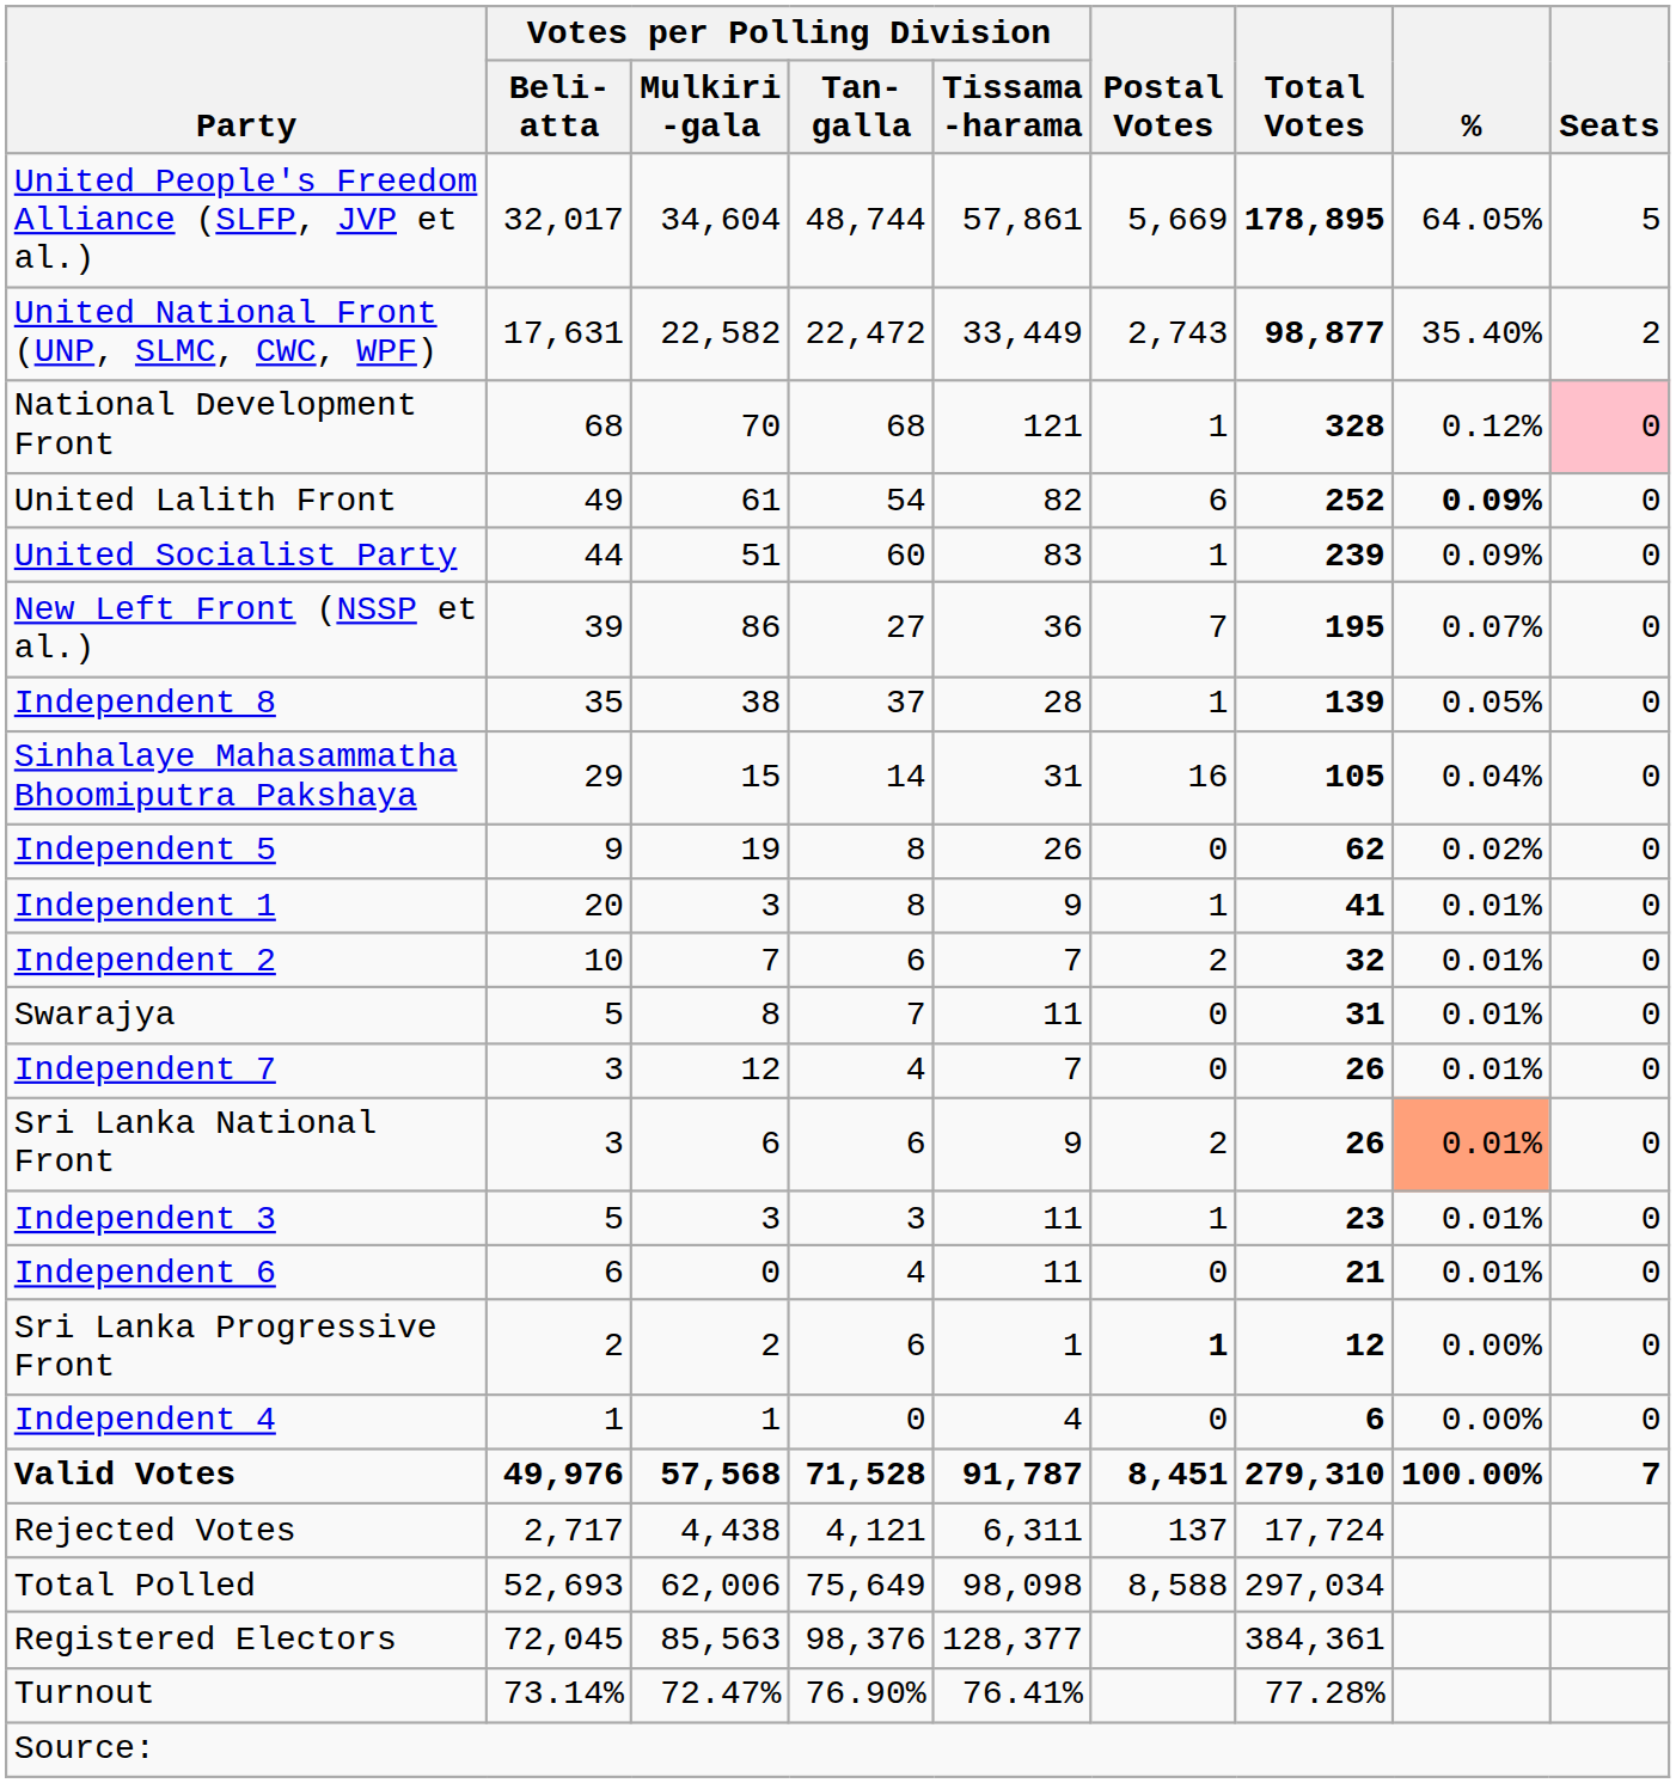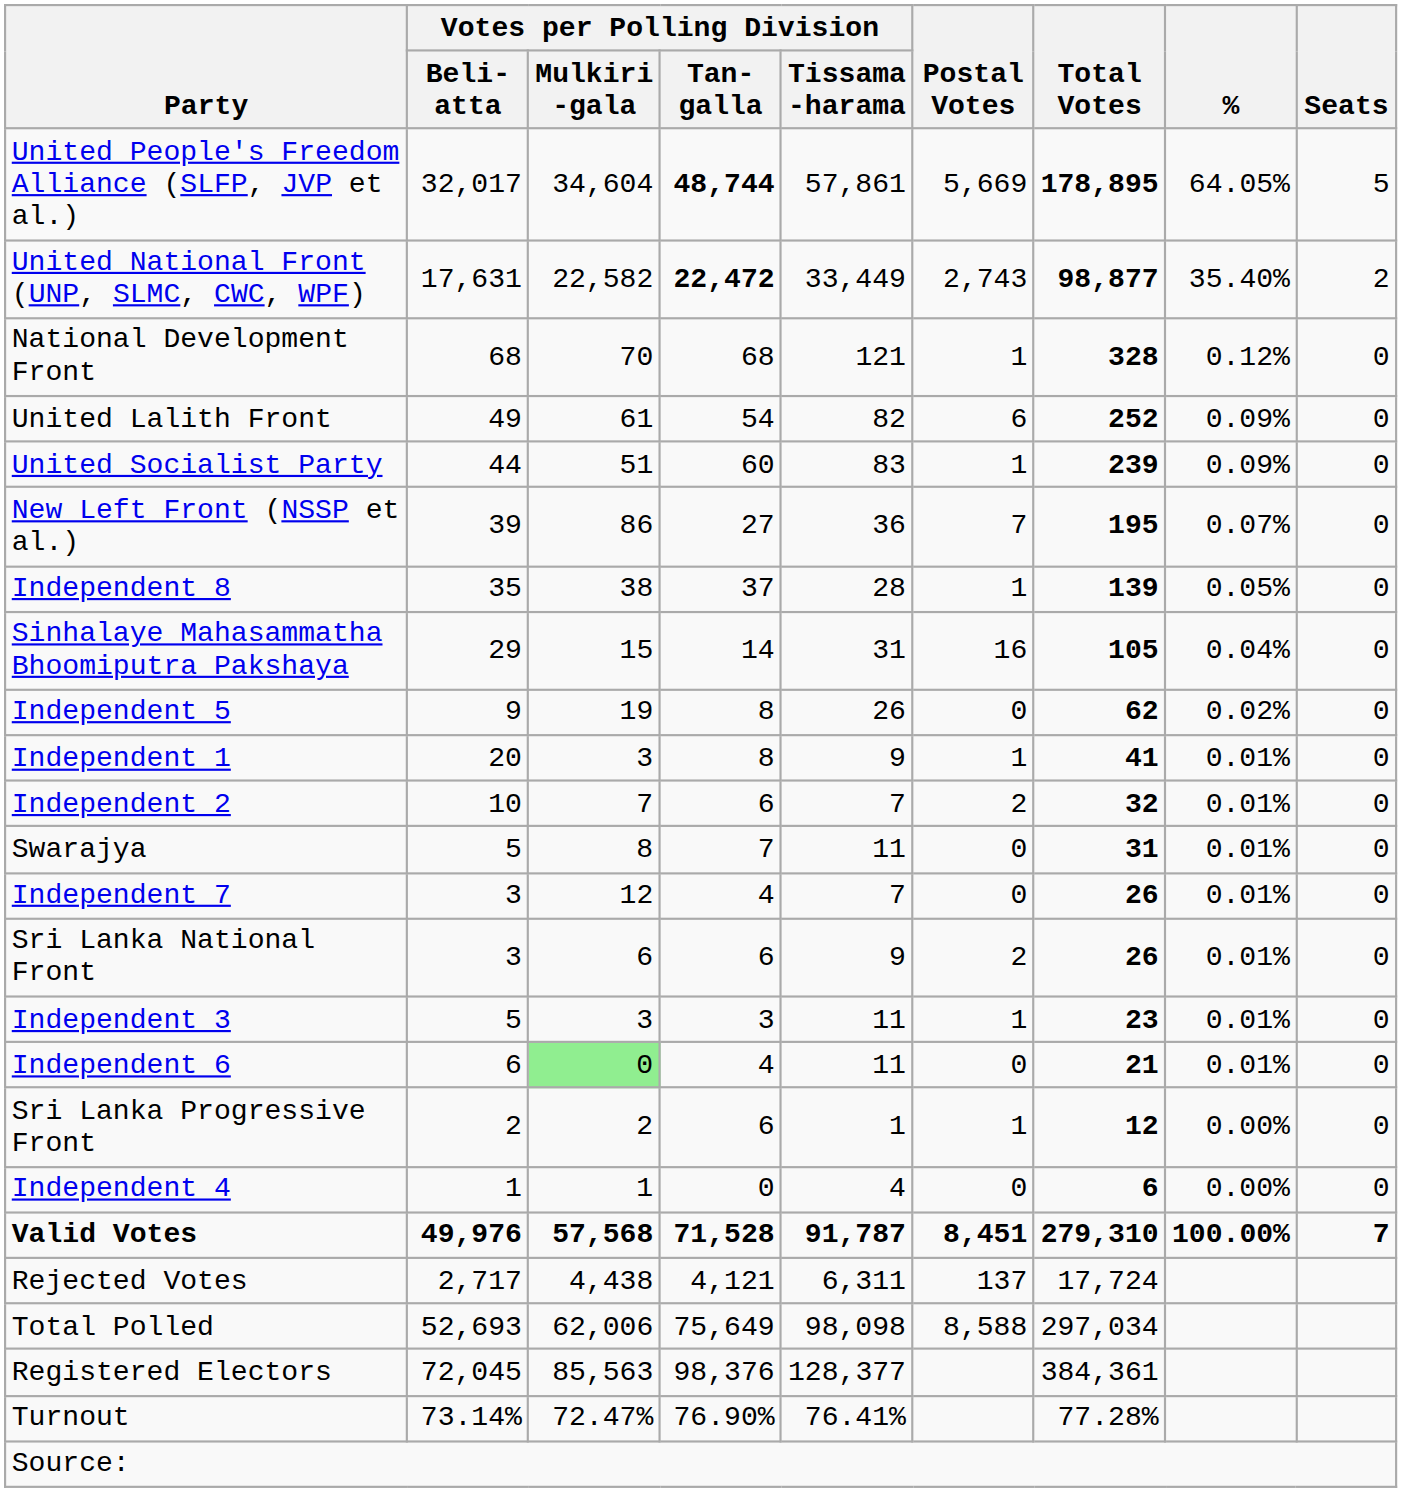 <table class="wikitable" style="text-align:right;">
 <tr>
 <th align=left valign=bottom rowspan=2 width="180">Party</th>
 <th colspan=4>Votes per Polling Division</th>
 <th align=center valign=bottom rowspan=2 width="50">Postal<br>Votes</th>
 <th align=center valign=bottom rowspan=2 width="50">Total Votes</th>
 <th align=center valign=bottom rowspan=2 width="50">%</th>
 <th align=center valign=bottom rowspan=2 width="40">Seats</th>
 </tr>
 <tr>
 <th align=center valign=bottom width="50">Beli-<br>atta</th>
 <th align=center valign=bottom width="50">Mulkiri<br>-gala</th>
 <th align=center valign=bottom width="50">Tan-<br>galla</th>
 <th align=center valign=bottom width="50">Tissama<br>-harama</th>
 </tr>
 <tr>
 <td align=left><a href='#'>United People's Freedom Alliance</a> (<a href='#'>SLFP</a>, <a href='#'>JVP</a> et al.)</td>
 <td>32,017</td>
 <td>34,604</td>
-<td>48,744</td>
+<td><strong>48,744</strong></td>
 <td>57,861</td>
 <td>5,669</td>
 <td><strong>178,895</strong></td>
 <td>64.05%</td>
 <td>5</td>
 </tr>
 <tr>
 <td align=left><a href='#'>United National Front</a><br>(<a href='#'>UNP</a>, <a href='#'>SLMC</a>, <a href='#'>CWC</a>, <a href='#'>WPF</a>)</td>
 <td>17,631</td>
 <td>22,582</td>
-<td>22,472</td>
+<td><strong>22,472</strong></td>
 <td>33,449</td>
 <td>2,743</td>
 <td><strong>98,877</strong></td>
 <td>35.40%</td>
 <td>2</td>
 </tr>
 <tr>
 <td align=left>National Development Front</td>
 <td>68</td>
 <td>70</td>
 <td>68</td>
 <td>121</td>
 <td>1</td>
 <td><strong>328</strong></td>
 <td>0.12%</td>
-<td style="background: pink;">0</td>
+<td>0</td>
 </tr>
 <tr>
 <td align=left>United Lalith Front</td>
 <td>49</td>
 <td>61</td>
 <td>54</td>
 <td>82</td>
 <td>6</td>
 <td><strong>252</strong></td>
-<td><strong>0.09%</strong></td>
+<td>0.09%</td>
 <td>0</td>
 </tr>
 <tr>
 <td align=left><a href='#'>United Socialist Party</a></td>
 <td>44</td>
 <td>51</td>
 <td>60</td>
 <td>83</td>
 <td>1</td>
 <td><strong>239</strong></td>
 <td>0.09%</td>
 <td>0</td>
 </tr>
 <tr>
 <td align=left><a href='#'>New Left Front</a> (<a href='#'>NSSP</a> et al.)</td>
 <td>39</td>
 <td>86</td>
 <td>27</td>
 <td>36</td>
 <td>7</td>
 <td><strong>195</strong></td>
 <td>0.07%</td>
 <td>0</td>
 </tr>
 <tr>
 <td align=left><a href='#'>Independent 8</a></td>
 <td>35</td>
 <td>38</td>
 <td>37</td>
 <td>28</td>
 <td>1</td>
 <td><strong>139</strong></td>
 <td>0.05%</td>
 <td>0</td>
 </tr>
 <tr>
 <td align=left><a href='#'>Sinhalaye Mahasammatha Bhoomiputra Pakshaya</a></td>
 <td>29</td>
 <td>15</td>
 <td>14</td>
 <td>31</td>
 <td>16</td>
 <td><strong>105</strong></td>
 <td>0.04%</td>
 <td>0</td>
 </tr>
 <tr>
 <td align=left><a href='#'>Independent 5</a></td>
 <td>9</td>
 <td>19</td>
 <td>8</td>
 <td>26</td>
 <td>0</td>
 <td><strong>62</strong></td>
 <td>0.02%</td>
 <td>0</td>
 </tr>
 <tr>
 <td align=left><a href='#'>Independent 1</a></td>
 <td>20</td>
 <td>3</td>
 <td>8</td>
 <td>9</td>
 <td>1</td>
 <td><strong>41</strong></td>
 <td>0.01%</td>
 <td>0</td>
 </tr>
 <tr>
 <td align=left><a href='#'>Independent 2</a></td>
 <td>10</td>
 <td>7</td>
 <td>6</td>
 <td>7</td>
 <td>2</td>
 <td><strong>32</strong></td>
 <td>0.01%</td>
 <td>0</td>
 </tr>
 <tr>
 <td align=left>Swarajya</td>
 <td>5</td>
 <td>8</td>
 <td>7</td>
 <td>11</td>
 <td>0</td>
 <td><strong>31</strong></td>
 <td>0.01%</td>
 <td>0</td>
 </tr>
 <tr>
 <td align=left><a href='#'>Independent 7</a></td>
 <td>3</td>
 <td>12</td>
 <td>4</td>
 <td>7</td>
 <td>0</td>
 <td><strong>26</strong></td>
 <td>0.01%</td>
 <td>0</td>
 </tr>
 <tr>
 <td align=left>Sri Lanka National Front</td>
 <td>3</td>
 <td>6</td>
 <td>6</td>
 <td>9</td>
 <td>2</td>
 <td><strong>26</strong></td>
-<td style="background: lightsalmon;">0.01%</td>
+<td>0.01%</td>
 <td>0</td>
 </tr>
 <tr>
 <td align=left><a href='#'>Independent 3</a></td>
 <td>5</td>
 <td>3</td>
 <td>3</td>
 <td>11</td>
 <td>1</td>
 <td><strong>23</strong></td>
 <td>0.01%</td>
 <td>0</td>
 </tr>
 <tr>
 <td align=left><a href='#'>Independent 6</a></td>
 <td>6</td>
-<td>0</td>
+<td style="background: lightgreen;">0</td>
 <td>4</td>
 <td>11</td>
 <td>0</td>
 <td><strong>21</strong></td>
 <td>0.01%</td>
 <td>0</td>
 </tr>
 <tr>
 <td align=left>Sri Lanka Progressive Front</td>
 <td>2</td>
 <td>2</td>
 <td>6</td>
 <td>1</td>
-<td><strong>1</strong></td>
+<td>1</td>
 <td><strong>12</strong></td>
 <td>0.00%</td>
 <td>0</td>
 </tr>
 <tr>
 <td align=left><a href='#'>Independent 4</a></td>
 <td>1</td>
 <td>1</td>
 <td>0</td>
 <td>4</td>
 <td>0</td>
 <td><strong>6</strong></td>
 <td>0.00%</td>
 <td>0</td>
 </tr>
 <tr>
 <td align=left><strong>Valid Votes</strong></td>
 <td><strong>49,976</strong></td>
 <td><strong>57,568</strong></td>
 <td><strong>71,528</strong></td>
 <td><strong>91,787</strong></td>
 <td><strong>8,451</strong></td>
 <td><strong>279,310</strong></td>
 <td><strong>100.00%</strong></td>
 <td><strong>7</strong></td>
 </tr>
 <tr>
 <td align=left>Rejected Votes</td>
 <td>2,717</td>
 <td>4,438</td>
 <td>4,121</td>
 <td>6,311</td>
 <td>137</td>
 <td>17,724</td>
 <td></td>
 <td></td>
 </tr>
 <tr>
 <td align=left>Total Polled</td>
 <td>52,693</td>
 <td>62,006</td>
 <td>75,649</td>
 <td>98,098</td>
 <td>8,588</td>
 <td>297,034</td>
 <td></td>
 <td></td>
 </tr>
 <tr>
 <td align=left>Registered Electors</td>
 <td>72,045</td>
 <td>85,563</td>
 <td>98,376</td>
 <td>128,377</td>
 <td></td>
 <td>384,361</td>
 <td></td>
 <td></td>
 </tr>
 <tr>
 <td align=left>Turnout</td>
 <td>73.14%</td>
 <td>72.47%</td>
 <td>76.90%</td>
 <td>76.41%</td>
 <td></td>
 <td>77.28%</td>
 <td></td>
 <td></td>
 </tr>
 <tr>
 <td align=left colspan=10>Source:</td>
 </tr>
 </table>
